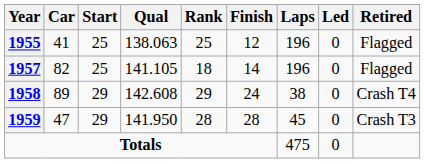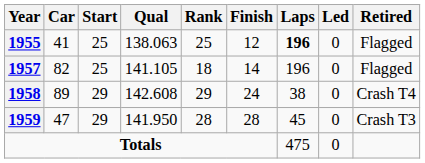 <table class="wikitable" style="text-align:center">
 <tr>
 <th>Year</th>
 <th>Car</th>
 <th>Start</th>
 <th>Qual</th>
 <th>Rank</th>
 <th>Finish</th>
 <th>Laps</th>
 <th>Led</th>
 <th>Retired</th>
 </tr>
 <tr>
 <th><a href='#'>1955</a></th>
 <td>41</td>
 <td>25</td>
 <td>138.063</td>
 <td>25</td>
 <td>12</td>
-<td>196</td>
+<td><strong>196</strong></td>
 <td>0</td>
 <td>Flagged</td>
 </tr>
 <tr>
 <th><a href='#'>1957</a></th>
 <td>82</td>
 <td>25</td>
 <td>141.105</td>
 <td>18</td>
 <td>14</td>
 <td>196</td>
 <td>0</td>
 <td>Flagged</td>
 </tr>
 <tr>
 <th><a href='#'>1958</a></th>
 <td>89</td>
 <td>29</td>
 <td>142.608</td>
 <td>29</td>
 <td>24</td>
 <td>38</td>
 <td>0</td>
 <td>Crash T4</td>
 </tr>
 <tr>
 <th><a href='#'>1959</a></th>
 <td>47</td>
 <td>29</td>
 <td>141.950</td>
 <td>28</td>
 <td>28</td>
 <td>45</td>
 <td>0</td>
 <td>Crash T3</td>
 </tr>
 <tr>
 <td colspan=6><strong>Totals</strong></td>
 <td>475</td>
 <td>0</td>
 <td></td>
 </tr>
 </table>
